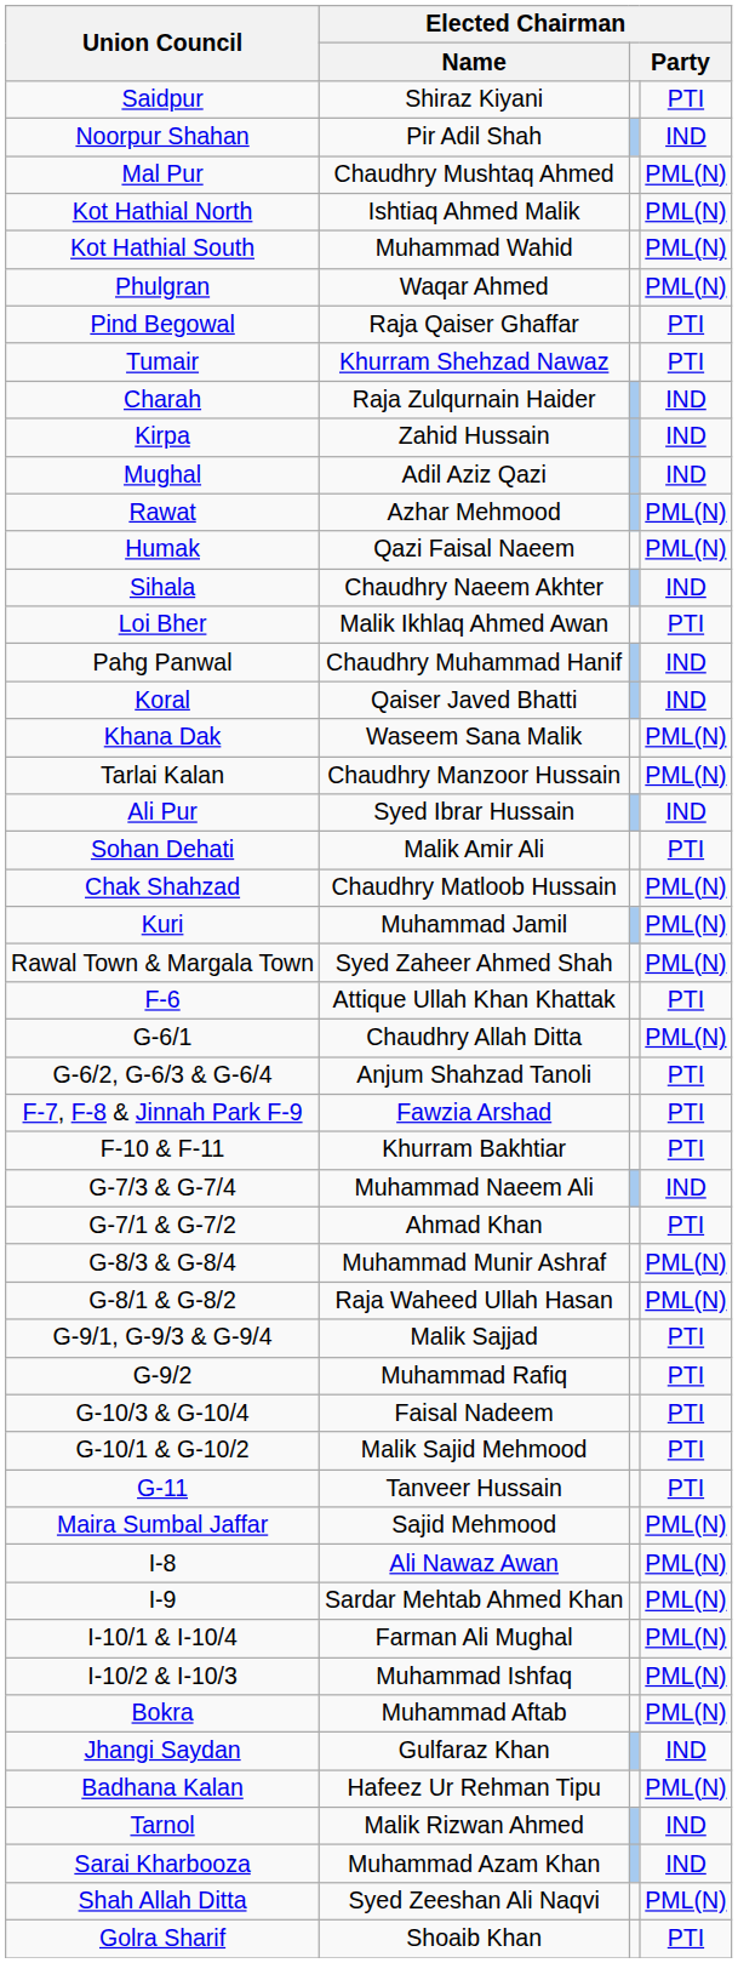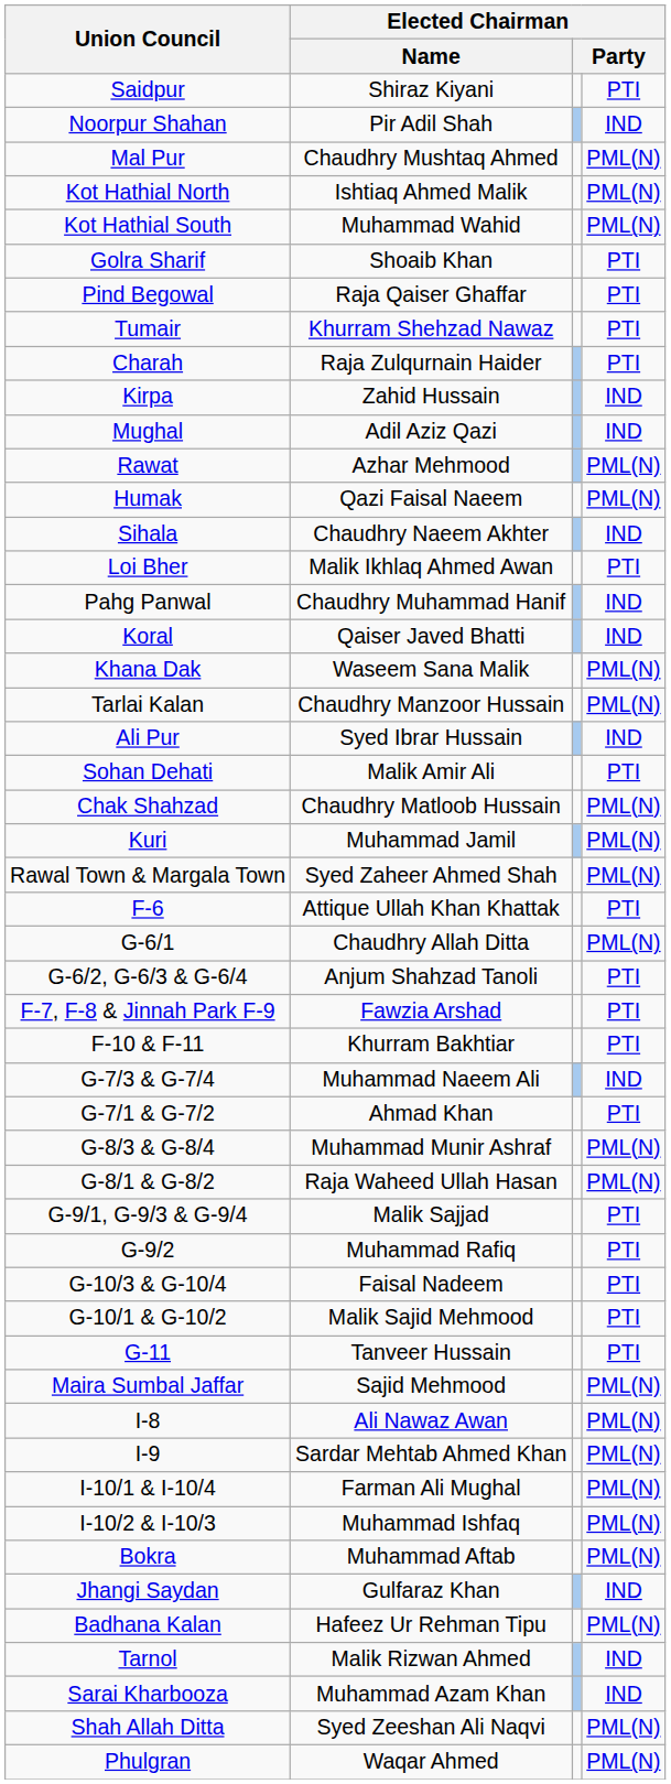 <table class="wikitable sortable static-row-numbers" style="text-align:center">
 <tr>
 <th rowspan="2">Union Council</th>
 <th colspan="3">Elected Chairman</th>
 </tr>
 <tr>
 <th>Name</th>
 <th colspan="2">Party</th>
 </tr>
 <tr>
 <td><a href='#'>Saidpur</a></td>
 <td>Shiraz Kiyani</td>
 <td></td>
 <td><a href='#'>PTI</a></td>
 </tr>
 <tr>
 <td><a href='#'>Noorpur Shahan</a></td>
 <td>Pir Adil Shah</td>
 <td bgcolor="a6caf0"></td>
 <td><a href='#'>IND</a></td>
 </tr>
 <tr>
 <td><a href='#'>Mal Pur</a></td>
 <td>Chaudhry Mushtaq Ahmed</td>
 <td></td>
 <td><a href='#'>PML(N)</a></td>
 </tr>
 <tr>
 <td><a href='#'>Kot Hathial North</a></td>
 <td>Ishtiaq Ahmed Malik</td>
 <td></td>
 <td><a href='#'>PML(N)</a></td>
 </tr>
 <tr>
 <td><a href='#'>Kot Hathial South</a></td>
 <td>Muhammad Wahid</td>
 <td></td>
 <td><a href='#'>PML(N)</a></td>
 </tr>
 <tr>
-<td><a href='#'>Phulgran</a></td>
-<td>Waqar Ahmed</td>
+<td><a href='#'>Golra Sharif</a></td>
+<td>Shoaib Khan</td>
 <td></td>
-<td><a href='#'>PML(N)</a></td>
+<td><a href='#'>PTI</a></td>
 </tr>
 <tr>
 <td><a href='#'>Pind Begowal</a></td>
 <td>Raja Qaiser Ghaffar</td>
 <td></td>
 <td><a href='#'>PTI</a></td>
 </tr>
 <tr>
 <td><a href='#'>Tumair</a></td>
 <td><a href='#'>Khurram Shehzad Nawaz</a></td>
 <td></td>
 <td><a href='#'>PTI</a></td>
 </tr>
 <tr>
 <td><a href='#'>Charah</a></td>
 <td>Raja Zulqurnain Haider</td>
 <td bgcolor="a6caf0"></td>
-<td><a href='#'>IND</a></td>
+<td><a href='#'>PTI</a></td>
 </tr>
 <tr>
 <td><a href='#'>Kirpa</a></td>
 <td>Zahid Hussain</td>
 <td bgcolor="a6caf0"></td>
 <td><a href='#'>IND</a></td>
 </tr>
 <tr>
 <td><a href='#'>Mughal</a></td>
 <td>Adil Aziz Qazi</td>
 <td bgcolor="a6caf0"></td>
 <td><a href='#'>IND</a></td>
 </tr>
 <tr>
 <td><a href='#'>Rawat</a></td>
 <td>Azhar Mehmood</td>
 <td bgcolor="a6caf0"></td>
 <td><a href='#'>PML(N)</a></td>
 </tr>
 <tr>
 <td><a href='#'>Humak</a></td>
 <td>Qazi Faisal Naeem</td>
 <td></td>
 <td><a href='#'>PML(N)</a></td>
 </tr>
 <tr>
 <td><a href='#'>Sihala</a></td>
 <td>Chaudhry Naeem Akhter</td>
 <td bgcolor="a6caf0"></td>
 <td><a href='#'>IND</a></td>
 </tr>
 <tr>
 <td><a href='#'>Loi Bher</a></td>
 <td>Malik Ikhlaq Ahmed Awan</td>
 <td></td>
 <td><a href='#'>PTI</a></td>
 </tr>
 <tr>
 <td>Pahg Panwal</td>
 <td>Chaudhry Muhammad Hanif</td>
 <td bgcolor="a6caf0"></td>
 <td><a href='#'>IND</a></td>
 </tr>
 <tr>
 <td><a href='#'>Koral</a></td>
 <td>Qaiser Javed Bhatti</td>
 <td bgcolor="a6caf0"></td>
 <td><a href='#'>IND</a></td>
 </tr>
 <tr>
 <td><a href='#'>Khana Dak</a></td>
 <td>Waseem Sana Malik</td>
 <td></td>
 <td><a href='#'>PML(N)</a></td>
 </tr>
 <tr>
 <td>Tarlai Kalan</td>
 <td>Chaudhry Manzoor Hussain</td>
 <td></td>
 <td><a href='#'>PML(N)</a></td>
 </tr>
 <tr>
 <td><a href='#'>Ali Pur</a></td>
 <td>Syed Ibrar Hussain</td>
 <td bgcolor="a6caf0"></td>
 <td><a href='#'>IND</a></td>
 </tr>
 <tr>
 <td><a href='#'>Sohan Dehati</a></td>
 <td>Malik Amir Ali</td>
 <td></td>
 <td><a href='#'>PTI</a></td>
 </tr>
 <tr>
 <td><a href='#'>Chak Shahzad</a></td>
 <td>Chaudhry Matloob Hussain</td>
 <td></td>
 <td><a href='#'>PML(N)</a></td>
 </tr>
 <tr>
 <td><a href='#'>Kuri</a></td>
 <td>Muhammad Jamil</td>
 <td bgcolor="a6caf0"></td>
 <td><a href='#'>PML(N)</a></td>
 </tr>
 <tr>
 <td>Rawal Town & Margala Town</td>
 <td>Syed Zaheer Ahmed Shah</td>
 <td></td>
 <td><a href='#'>PML(N)</a></td>
 </tr>
 <tr>
 <td><a href='#'>F-6</a></td>
 <td>Attique Ullah Khan Khattak</td>
 <td></td>
 <td><a href='#'>PTI</a></td>
 </tr>
 <tr>
 <td>G-6/1</td>
 <td>Chaudhry Allah Ditta</td>
 <td></td>
 <td><a href='#'>PML(N)</a></td>
 </tr>
 <tr>
 <td>G-6/2, G-6/3 & G-6/4</td>
 <td>Anjum Shahzad Tanoli</td>
 <td></td>
 <td><a href='#'>PTI</a></td>
 </tr>
 <tr>
 <td><a href='#'>F-7</a>, <a href='#'>F-8</a> & <a href='#'>Jinnah Park F-9</a></td>
 <td><a href='#'>Fawzia Arshad</a></td>
 <td></td>
 <td><a href='#'>PTI</a></td>
 </tr>
 <tr>
 <td>F-10 & F-11</td>
 <td>Khurram Bakhtiar</td>
 <td></td>
 <td><a href='#'>PTI</a></td>
 </tr>
 <tr>
 <td>G-7/3 & G-7/4</td>
 <td>Muhammad Naeem Ali</td>
 <td bgcolor="a6caf0"></td>
 <td><a href='#'>IND</a></td>
 </tr>
 <tr>
 <td>G-7/1 & G-7/2</td>
 <td>Ahmad Khan</td>
 <td></td>
 <td><a href='#'>PTI</a></td>
 </tr>
 <tr>
 <td>G-8/3 & G-8/4</td>
 <td>Muhammad Munir Ashraf</td>
 <td></td>
 <td><a href='#'>PML(N)</a></td>
 </tr>
 <tr>
 <td>G-8/1 & G-8/2</td>
 <td>Raja Waheed Ullah Hasan</td>
 <td></td>
 <td><a href='#'>PML(N)</a></td>
 </tr>
 <tr>
 <td>G-9/1, G-9/3 & G-9/4</td>
 <td>Malik Sajjad</td>
 <td></td>
 <td><a href='#'>PTI</a></td>
 </tr>
 <tr>
 <td>G-9/2</td>
 <td>Muhammad Rafiq</td>
 <td></td>
 <td><a href='#'>PTI</a></td>
 </tr>
 <tr>
 <td>G-10/3 & G-10/4</td>
 <td>Faisal Nadeem</td>
 <td></td>
 <td><a href='#'>PTI</a></td>
 </tr>
 <tr>
 <td>G-10/1 & G-10/2</td>
 <td>Malik Sajid Mehmood</td>
 <td></td>
 <td><a href='#'>PTI</a></td>
 </tr>
 <tr>
 <td><a href='#'>G-11</a></td>
 <td>Tanveer Hussain</td>
 <td></td>
 <td><a href='#'>PTI</a></td>
 </tr>
 <tr>
 <td><a href='#'>Maira Sumbal Jaffar</a></td>
 <td>Sajid Mehmood</td>
 <td></td>
 <td><a href='#'>PML(N)</a></td>
 </tr>
 <tr>
 <td>I-8</td>
 <td><a href='#'>Ali Nawaz Awan</a></td>
 <td></td>
 <td><a href='#'>PML(N)</a></td>
 </tr>
 <tr>
 <td>I-9</td>
 <td>Sardar Mehtab Ahmed Khan</td>
 <td></td>
 <td><a href='#'>PML(N)</a></td>
 </tr>
 <tr>
 <td>I-10/1 & I-10/4</td>
 <td>Farman Ali Mughal</td>
 <td></td>
 <td><a href='#'>PML(N)</a></td>
 </tr>
 <tr>
 <td>I-10/2 & I-10/3</td>
 <td>Muhammad Ishfaq</td>
 <td></td>
 <td><a href='#'>PML(N)</a></td>
 </tr>
 <tr>
 <td><a href='#'>Bokra</a></td>
 <td>Muhammad Aftab</td>
 <td></td>
 <td><a href='#'>PML(N)</a></td>
 </tr>
 <tr>
 <td><a href='#'>Jhangi Saydan</a></td>
 <td>Gulfaraz Khan</td>
 <td bgcolor="a6caf0"></td>
 <td><a href='#'>IND</a></td>
 </tr>
 <tr>
 <td><a href='#'>Badhana Kalan</a></td>
 <td>Hafeez Ur Rehman Tipu</td>
 <td></td>
 <td><a href='#'>PML(N)</a></td>
 </tr>
 <tr>
 <td><a href='#'>Tarnol</a></td>
 <td>Malik Rizwan Ahmed</td>
 <td bgcolor="a6caf0"></td>
 <td><a href='#'>IND</a></td>
 </tr>
 <tr>
 <td><a href='#'>Sarai Kharbooza</a></td>
 <td>Muhammad Azam Khan</td>
 <td bgcolor="a6caf0"></td>
 <td><a href='#'>IND</a></td>
 </tr>
 <tr>
 <td><a href='#'>Shah Allah Ditta</a></td>
 <td>Syed Zeeshan Ali Naqvi</td>
 <td></td>
 <td><a href='#'>PML(N)</a></td>
 </tr>
 <tr>
-<td><a href='#'>Golra Sharif</a></td>
-<td>Shoaib Khan</td>
+<td><a href='#'>Phulgran</a></td>
+<td>Waqar Ahmed</td>
 <td></td>
-<td><a href='#'>PTI</a></td>
+<td><a href='#'>PML(N)</a></td>
 </tr>
 </table>
